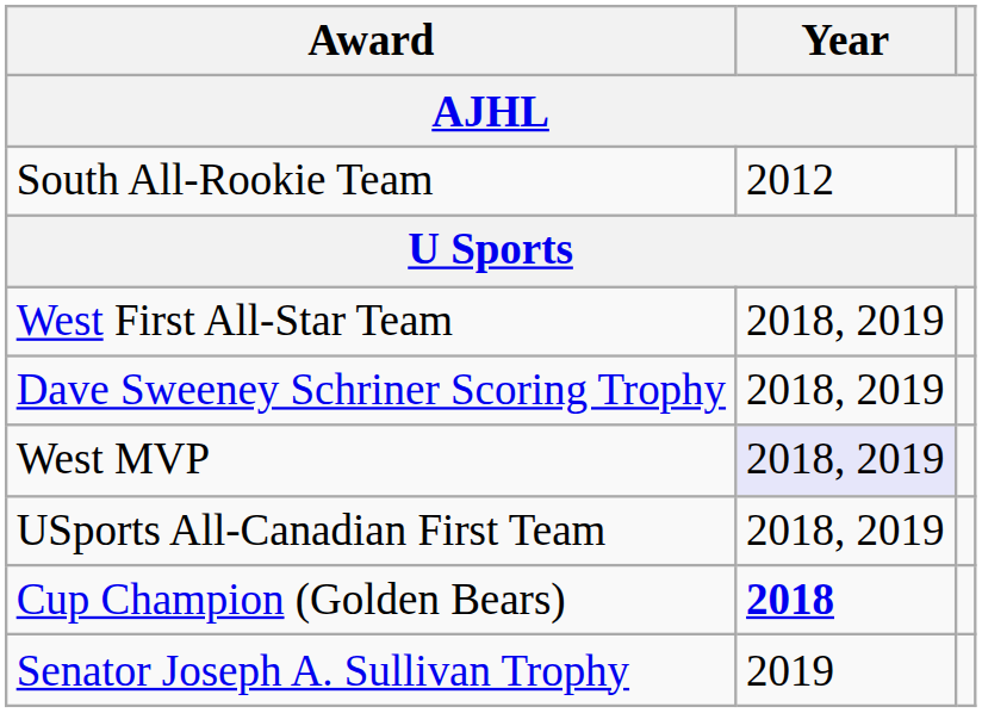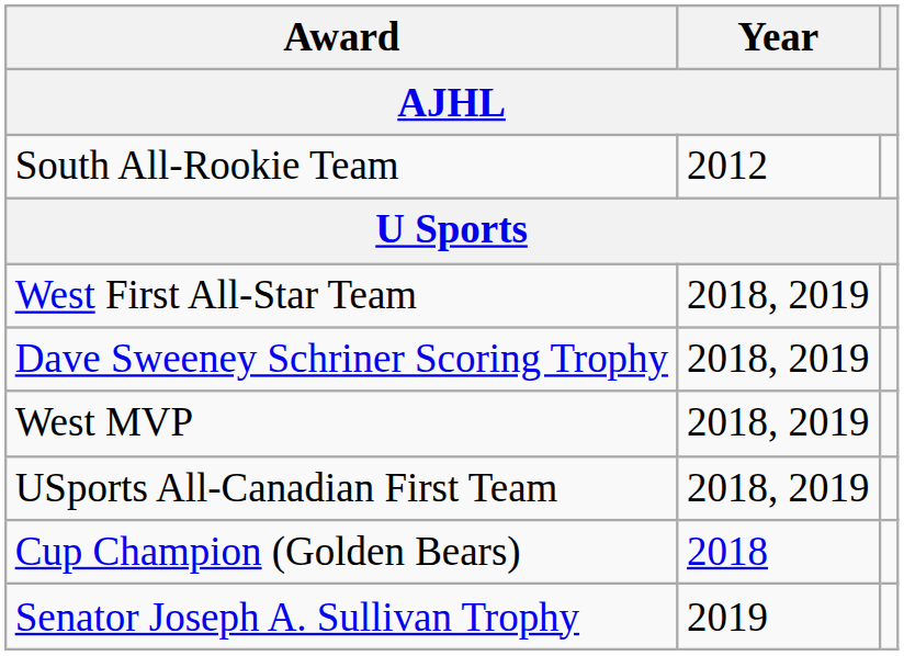 <table class="wikitable">
 <tr>
 <th>Award</th>
 <th>Year</th>
 <th></th>
 </tr>
 <tr ALIGN="center" bgcolor="#e0e0e0">
 <th colspan="3"><a href='#'>AJHL</a></th>
 </tr>
 <tr>
 <td>South All-Rookie Team</td>
 <td>2012</td>
 <td></td>
 </tr>
 <tr>
 <th colspan="3"><a href='#'>U Sports</a></th>
 </tr>
 <tr>
 <td><a href='#'>West</a> First All-Star Team</td>
 <td>2018, 2019</td>
 <td></td>
 </tr>
 <tr>
 <td><a href='#'>Dave Sweeney Schriner Scoring Trophy</a></td>
 <td>2018, 2019</td>
 <td></td>
 </tr>
 <tr>
 <td>West MVP</td>
-<td style="background: lavender;">2018, 2019</td>
+<td>2018, 2019</td>
 <td></td>
 </tr>
 <tr>
 <td>USports All-Canadian First Team</td>
 <td>2018, 2019</td>
 <td></td>
 </tr>
 <tr>
 <td><a href='#'>Cup Champion</a> (Golden Bears)</td>
-<td><strong><a href='#'>2018</a></strong></td>
+<td><a href='#'>2018</a></td>
 <td></td>
 </tr>
 <tr>
 <td><a href='#'>Senator Joseph A. Sullivan Trophy</a></td>
 <td>2019</td>
 <td></td>
 </tr>
 </table>
